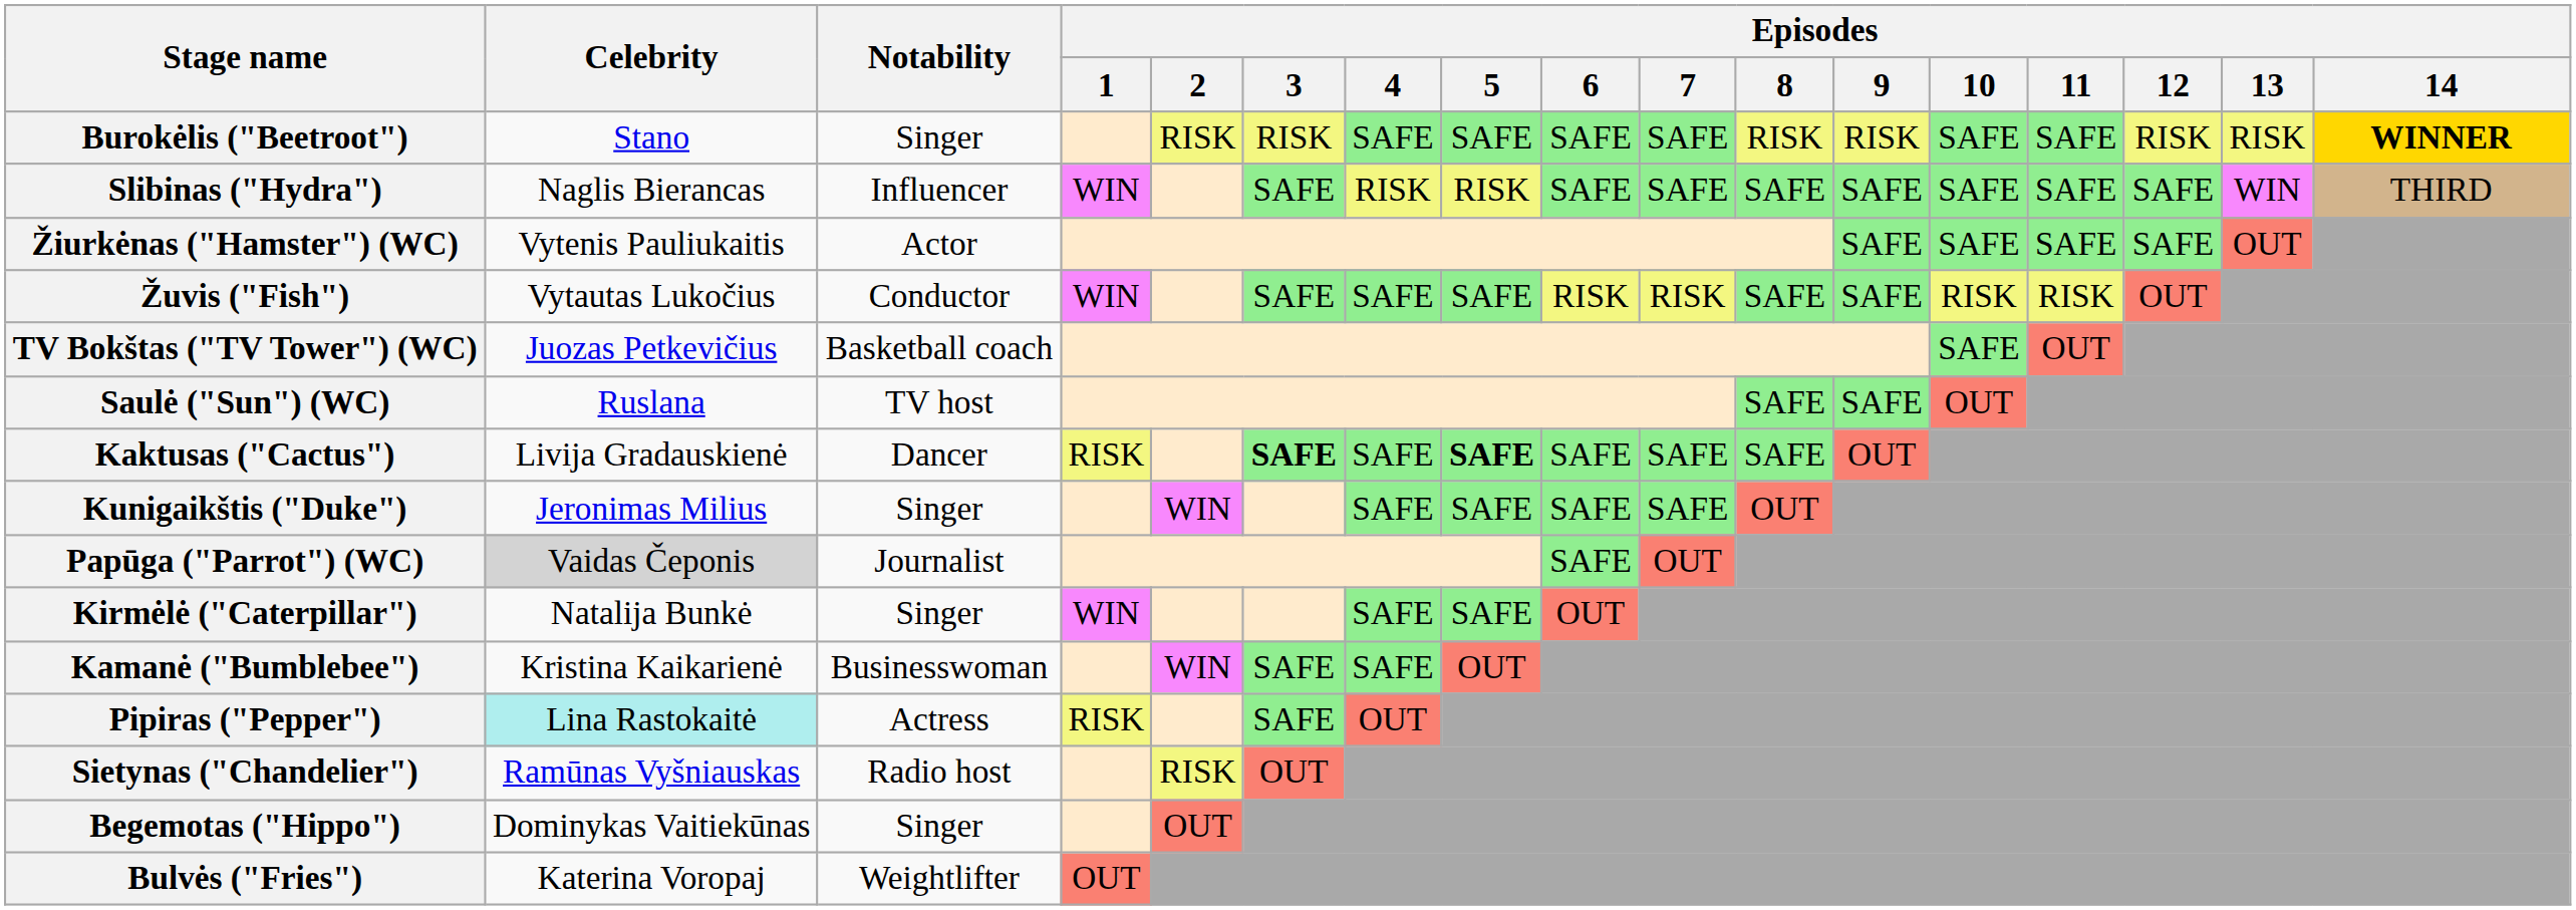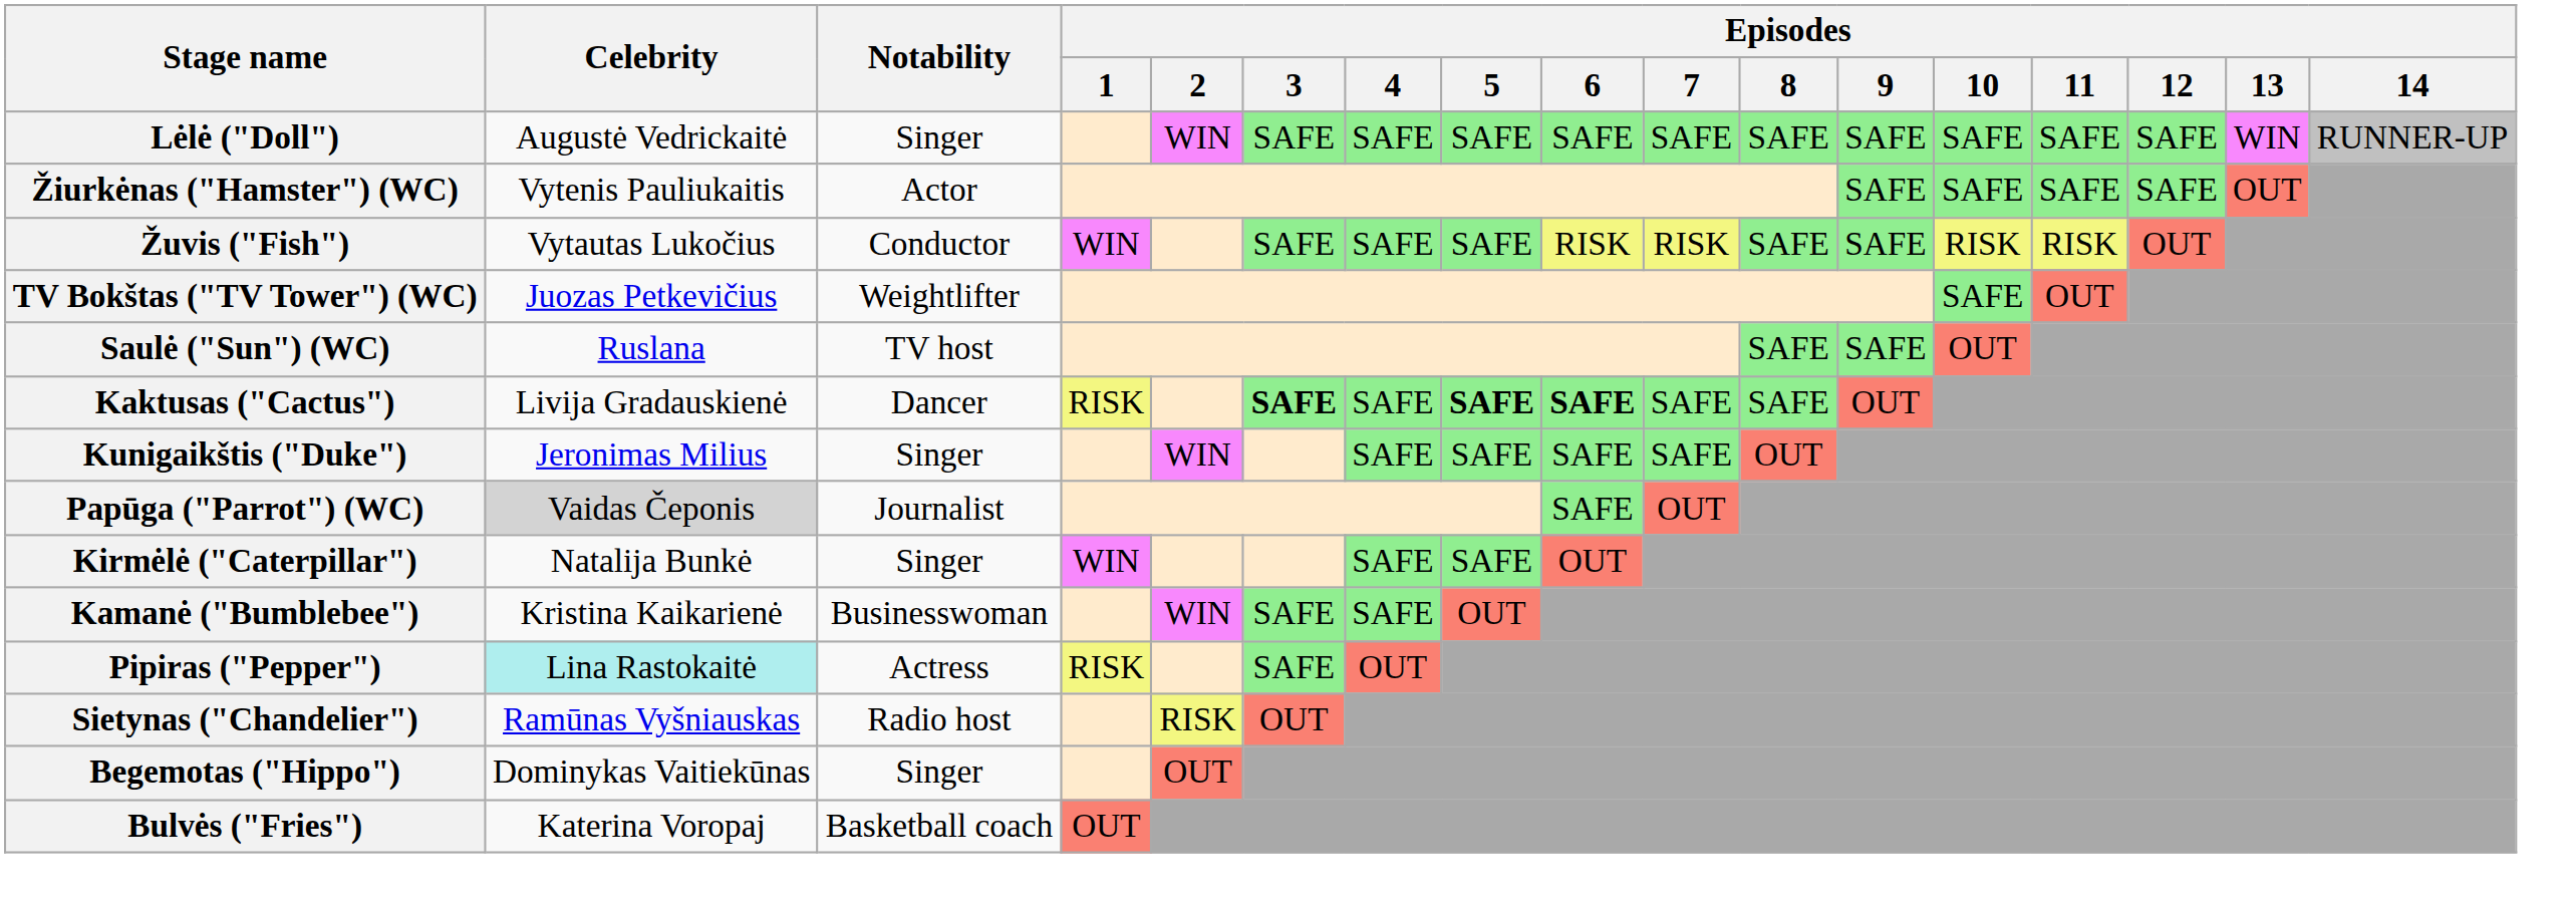 <table class="wikitable" style="text-align:center; ">
 <tr>
 <th rowspan="2">Stage name</th>
 <th rowspan="2">Celebrity</th>
 <th rowspan="2">Notability</th>
 <th colspan="14">Episodes</th>
 </tr>
 <tr>
 <th>1</th>
 <th>2</th>
 <th>3</th>
 <th>4</th>
 <th>5</th>
 <th>6</th>
 <th>7</th>
 <th>8</th>
 <th>9</th>
 <th>10</th>
 <th>11</th>
 <th>12</th>
 <th>13</th>
 <th>14</th>
 </tr>
 <tr>
-<th>Burokėlis ("Beetroot")</th>
-<td><a href='#'>Stano</a></td>
+<th>Lėlė ("Doll")</th>
+<td>Augustė Vedrickaitė</td>
 <td>Singer</td>
 <td bgcolor="#FFEBCD"></td>
-<td bgcolor="#F3F781">RISK</td>
-<td bgcolor="#F3F781">RISK</td>
+<td bgcolor="#F888FD">WIN</td>
 <td bgcolor="lightgreen">SAFE</td>
 <td bgcolor="lightgreen">SAFE</td>
 <td bgcolor="lightgreen">SAFE</td>
-<td bgcolor="lightgreen">SAFE</td>
-<td bgcolor="#F3F781">RISK</td>
-<td bgcolor="#F3F781">RISK</td>
-<td bgcolor="lightgreen">SAFE</td>
-<td bgcolor="lightgreen">SAFE</td>
-<td bgcolor="#F3F781">RISK</td>
-<td bgcolor="#F3F781">RISK</td>
-<td bgcolor=gold><strong>WINNER</strong></td>
-</tr>
-<tr>
-<th>Slibinas ("Hydra")</th>
-<td>Naglis Bierancas</td>
-<td>Influencer</td>
-<td bgcolor="#F888FD">WIN</td>
-<td bgcolor="#FFEBCD"></td>
-<td bgcolor="lightgreen">SAFE</td>
-<td bgcolor="#F3F781">RISK</td>
-<td bgcolor="#F3F781">RISK</td>
 <td bgcolor="lightgreen">SAFE</td>
 <td bgcolor="lightgreen">SAFE</td>
 <td bgcolor="lightgreen">SAFE</td>
 <td bgcolor="lightgreen">SAFE</td>
 <td bgcolor="lightgreen">SAFE</td>
 <td bgcolor="lightgreen">SAFE</td>
 <td bgcolor="lightgreen">SAFE</td>
 <td bgcolor="#F888FD">WIN</td>
-<td style="width:10%;background:tan;">THIRD</td>
+<td bgcolor=silver>RUNNER-UP</td>
 </tr>
 <tr>
 <th>Žiurkėnas ("Hamster") (WC)</th>
 <td>Vytenis Pauliukaitis</td>
 <td>Actor</td>
 <td colspan="8" bgcolor="#FFEBCD"></td>
 <td bgcolor="lightgreen">SAFE</td>
 <td bgcolor="lightgreen">SAFE</td>
 <td bgcolor="lightgreen">SAFE</td>
 <td bgcolor="lightgreen">SAFE</td>
 <td bgcolor="salmon">OUT</td>
 <td style="background:darkgray"></td>
 </tr>
 <tr>
 <th>Žuvis ("Fish")</th>
 <td>Vytautas Lukočius</td>
 <td>Conductor</td>
 <td bgcolor="#F888FD">WIN</td>
 <td bgcolor="#FFEBCD"></td>
 <td bgcolor="lightgreen">SAFE</td>
 <td bgcolor="lightgreen">SAFE</td>
 <td bgcolor="lightgreen">SAFE</td>
 <td bgcolor="#F3F781">RISK</td>
 <td bgcolor="#F3F781">RISK</td>
 <td bgcolor="lightgreen">SAFE</td>
 <td bgcolor="lightgreen">SAFE</td>
 <td bgcolor="#F3F781">RISK</td>
 <td bgcolor="#F3F781">RISK</td>
 <td bgcolor="salmon">OUT</td>
 <td colspan="2"  style="background:darkgray"></td>
 </tr>
 <tr>
 <th>TV Bokštas ("TV Tower") (WC)</th>
 <td><a href='#'>Juozas Petkevičius</a></td>
-<td>Basketball coach</td>
+<td>Weightlifter</td>
 <td colspan="9" bgcolor="#FFEBCD"></td>
 <td bgcolor="lightgreen">SAFE</td>
 <td bgcolor="salmon">OUT</td>
 <td colspan="3" style="background:darkgray"></td>
 </tr>
 <tr>
 <th>Saulė ("Sun") (WC)</th>
 <td><a href='#'>Ruslana</a></td>
 <td>TV host</td>
 <td colspan="7" bgcolor="#FFEBCD"></td>
 <td bgcolor="lightgreen">SAFE</td>
 <td bgcolor="lightgreen">SAFE</td>
 <td bgcolor="salmon">OUT</td>
 <td colspan="4"  style="background:darkgray"></td>
 </tr>
 <tr>
 <th>Kaktusas ("Cactus")</th>
 <td>Livija Gradauskienė</td>
 <td>Dancer</td>
 <td bgcolor="#F3F781">RISK</td>
 <td bgcolor="#FFEBCD"></td>
 <td bgcolor="lightgreen"><strong>SAFE</strong></td>
 <td bgcolor="lightgreen">SAFE</td>
 <td bgcolor="lightgreen"><strong>SAFE</strong></td>
-<td bgcolor="lightgreen">SAFE</td>
+<td bgcolor="lightgreen"><strong>SAFE</strong></td>
 <td bgcolor="lightgreen">SAFE</td>
 <td bgcolor="lightgreen">SAFE</td>
 <td bgcolor="salmon">OUT</td>
 <td colspan="5" style="background:darkgray"></td>
 </tr>
 <tr>
 <th>Kunigaikštis ("Duke")</th>
 <td><a href='#'>Jeronimas Milius</a></td>
 <td>Singer</td>
 <td bgcolor="#FFEBCD"></td>
 <td bgcolor="#F888FD">WIN</td>
 <td bgcolor="#FFEBCD"></td>
 <td bgcolor="lightgreen">SAFE</td>
 <td bgcolor="lightgreen">SAFE</td>
 <td bgcolor="lightgreen">SAFE</td>
 <td bgcolor="lightgreen">SAFE</td>
 <td bgcolor="salmon">OUT</td>
 <td colspan="6" style="background:darkgray"></td>
 </tr>
 <tr>
 <th>Papūga ("Parrot") (WC)</th>
 <td style="background: lightgrey;">Vaidas Čeponis</td>
 <td>Journalist</td>
 <td colspan="5" bgcolor="#FFEBCD"></td>
 <td bgcolor="lightgreen">SAFE</td>
 <td bgcolor="salmon">OUT</td>
 <td colspan="7" style="background:darkgray"></td>
 </tr>
 <tr>
 <th>Kirmėlė ("Caterpillar")</th>
 <td>Natalija Bunkė</td>
 <td>Singer</td>
 <td bgcolor="#F888FD">WIN</td>
 <td bgcolor="#FFEBCD"></td>
 <td bgcolor="#FFEBCD"></td>
 <td bgcolor="lightgreen">SAFE</td>
 <td bgcolor="lightgreen">SAFE</td>
 <td bgcolor="salmon">OUT</td>
 <td colspan="8" style="background:darkgray"></td>
 </tr>
 <tr>
 <th>Kamanė ("Bumblebee")</th>
 <td>Kristina Kaikarienė</td>
 <td>Businesswoman</td>
 <td bgcolor="#FFEBCD"></td>
 <td bgcolor="#F888FD">WIN</td>
 <td bgcolor="lightgreen">SAFE</td>
 <td bgcolor="lightgreen">SAFE</td>
 <td bgcolor="salmon">OUT</td>
 <td colspan="9" style="background:darkgray"></td>
 </tr>
 <tr>
 <th>Pipiras ("Pepper")</th>
 <td style="background: paleturquoise;">Lina Rastokaitė</td>
 <td>Actress</td>
 <td bgcolor="#F3F781">RISK</td>
 <td bgcolor="#FFEBCD"></td>
 <td bgcolor="lightgreen">SAFE</td>
 <td bgcolor="salmon">OUT</td>
 <td colspan="10" style="background:darkgray"></td>
 </tr>
 <tr>
 <th>Sietynas ("Chandelier")</th>
 <td><a href='#'>Ramūnas Vyšniauskas</a></td>
 <td>Radio host</td>
 <td bgcolor="#FFEBCD"></td>
 <td bgcolor="#F3F781">RISK</td>
 <td bgcolor="salmon">OUT</td>
 <td colspan="11" style="background:darkgray"></td>
 </tr>
 <tr>
 <th>Begemotas ("Hippo")</th>
 <td>Dominykas Vaitiekūnas</td>
 <td>Singer</td>
 <td bgcolor="#FFEBCD"></td>
 <td bgcolor="salmon">OUT</td>
 <td colspan="12" bgcolor="darkgrey"></td>
 </tr>
 <tr>
 <th>Bulvės ("Fries")</th>
 <td>Katerina Voropaj</td>
-<td>Weightlifter</td>
+<td>Basketball coach</td>
 <td bgcolor="salmon">OUT</td>
 <td colspan="13" bgcolor="darkgrey"></td>
 </tr>
 </table>
